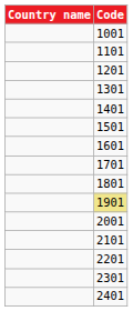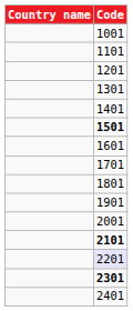 <table class="wikitable">
 <tr>
 <td style="background:#ED1C24; color:white"><strong>Country name </strong></td>
 <td style="background:#ED1C24; color:white"><strong>Code</strong></td>
 </tr>
 <tr>
 <td></td>
 <td>1001</td>
 </tr>
 <tr>
 <td></td>
 <td>1101</td>
 </tr>
 <tr>
 <td></td>
 <td>1201</td>
 </tr>
 <tr>
 <td></td>
 <td>1301</td>
 </tr>
 <tr>
 <td></td>
 <td>1401</td>
 </tr>
 <tr>
 <td></td>
-<td>1501</td>
+<td><strong>1501</strong></td>
 </tr>
 <tr>
 <td></td>
 <td>1601</td>
 </tr>
 <tr>
 <td></td>
 <td>1701</td>
 </tr>
 <tr>
 <td></td>
 <td>1801</td>
 </tr>
 <tr>
 <td></td>
-<td style="background: khaki;">1901</td>
+<td>1901</td>
 </tr>
 <tr>
 <td></td>
 <td>2001</td>
 </tr>
 <tr>
 <td></td>
-<td>2101</td>
+<td><strong>2101</strong></td>
 </tr>
 <tr>
 <td></td>
-<td>2201</td>
+<td style="background: lavender;">2201</td>
 </tr>
 <tr>
 <td></td>
-<td>2301</td>
+<td><strong>2301</strong></td>
 </tr>
 <tr>
 <td></td>
 <td>2401</td>
 </tr>
 </table>
